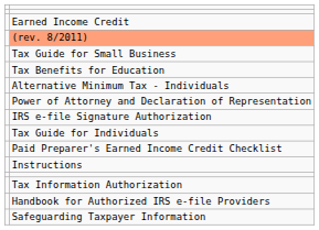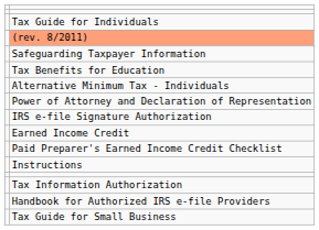 <table class=wikitable>
 <tr>
 <td></td>
 <td></td>
 </tr>
 <tr>
 <td></td>
 <td></td>
 </tr>
 <tr>
 <td></td>
-<td>Earned Income Credit</td>
+<td>Tax Guide for Individuals</td>
 </tr>
 <tr>
 <td></td>
 <td style="background: lightsalmon;">(rev. 8/2011)</td>
 </tr>
 <tr>
 <td></td>
-<td>Tax Guide for Small Business</td>
+<td>Safeguarding Taxpayer Information</td>
 </tr>
 <tr>
 <td></td>
 <td>Tax Benefits for Education</td>
 </tr>
 <tr>
 <td></td>
 <td>Alternative Minimum Tax - Individuals</td>
 </tr>
 <tr>
 <td></td>
 <td>Power of Attorney and Declaration of Representation</td>
 </tr>
 <tr>
 <td></td>
 <td>IRS e-file Signature Authorization</td>
 </tr>
 <tr>
 <td></td>
-<td>Tax Guide for Individuals</td>
+<td>Earned Income Credit</td>
 </tr>
 <tr>
 <td></td>
 <td>Paid Preparer's Earned Income Credit Checklist</td>
 </tr>
 <tr>
 <td></td>
 <td>Instructions</td>
 </tr>
 <tr>
 <td></td>
 <td></td>
 </tr>
 <tr>
 <td></td>
 <td>Tax Information Authorization</td>
 </tr>
 <tr>
 <td></td>
 <td>Handbook for Authorized IRS e-file Providers</td>
 </tr>
 <tr>
 <td></td>
-<td>Safeguarding Taxpayer Information</td>
+<td>Tax Guide for Small Business</td>
 </tr>
 </table>
